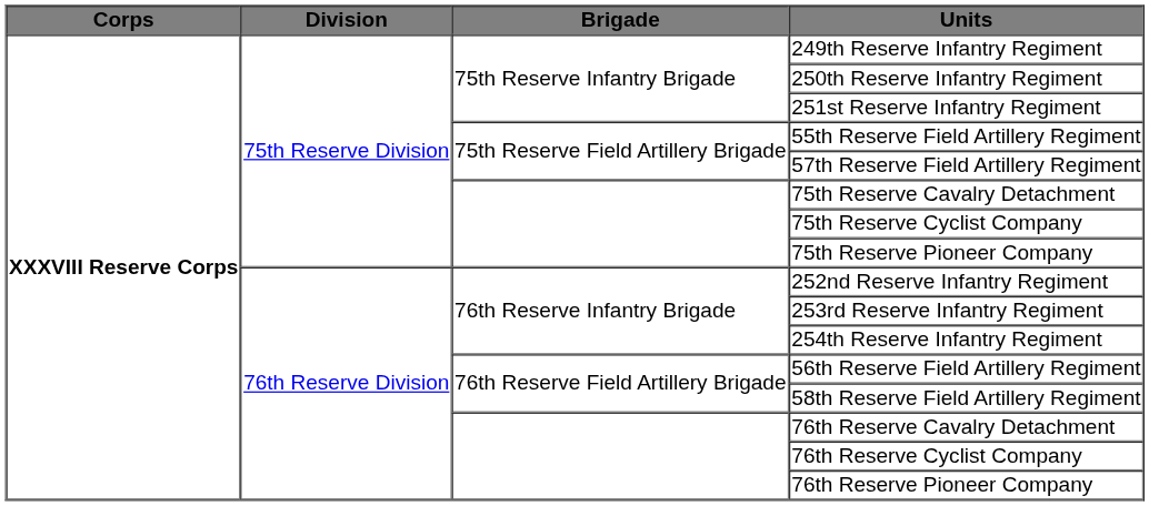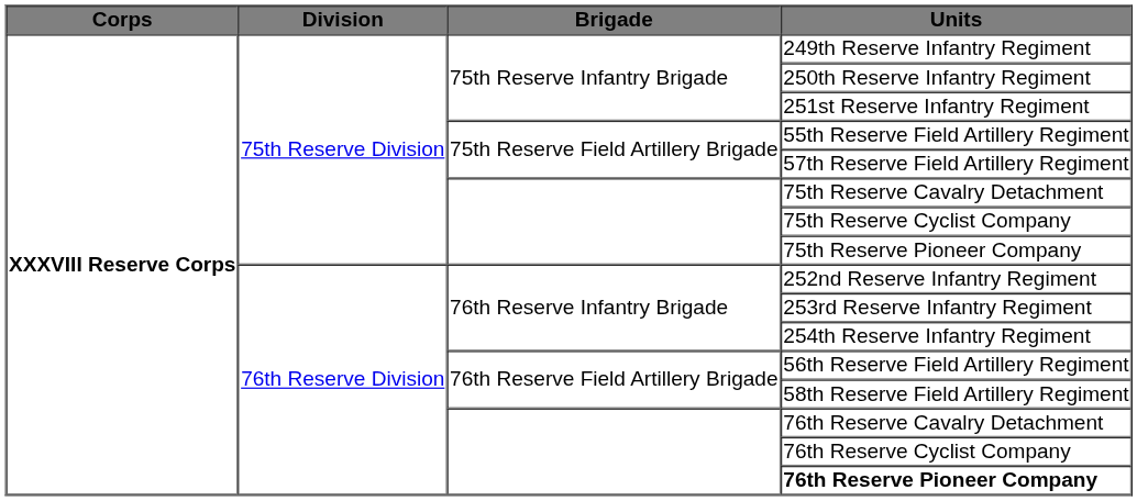 <table style="float: right;" border="1" cellpadding="1" cellspacing="0" style="font-size: 100%; border: gray solid 1px; border-collapse: collapse; text-align: center;">
 <tr style="background-color:grey; color:black;">
 <th>Corps</th>
 <th>Division</th>
 <th>Brigade</th>
 <th>Units</th>
 </tr>
 <tr>
 <td ROWSPAN=16><strong>XXXVIII Reserve Corps</strong></td>
 <td ROWSPAN=8><a href='#'>75th Reserve Division</a></td>
 <td ROWSPAN=3>75th Reserve Infantry Brigade</td>
 <td>249th Reserve Infantry Regiment</td>
 </tr>
 <tr>
 <td>250th Reserve Infantry Regiment</td>
 </tr>
 <tr>
 <td>251st Reserve Infantry Regiment</td>
 </tr>
 <tr>
 <td ROWSPAN=2>75th Reserve Field Artillery Brigade</td>
 <td>55th Reserve Field Artillery Regiment</td>
 </tr>
 <tr>
 <td>57th Reserve Field Artillery Regiment</td>
 </tr>
 <tr>
 <td ROWSPAN=3></td>
 <td>75th Reserve Cavalry Detachment</td>
 </tr>
 <tr>
 <td>75th Reserve Cyclist Company</td>
 </tr>
 <tr>
 <td>75th Reserve Pioneer Company</td>
 </tr>
 <tr>
 <td ROWSPAN=8><a href='#'>76th Reserve Division</a></td>
 <td ROWSPAN=3>76th Reserve Infantry Brigade</td>
 <td>252nd Reserve Infantry Regiment</td>
 </tr>
 <tr>
 <td>253rd Reserve Infantry Regiment</td>
 </tr>
 <tr>
 <td>254th Reserve Infantry Regiment</td>
 </tr>
 <tr>
 <td ROWSPAN=2>76th Reserve Field Artillery Brigade</td>
 <td>56th Reserve Field Artillery Regiment</td>
 </tr>
 <tr>
 <td>58th Reserve Field Artillery Regiment</td>
 </tr>
 <tr>
 <td ROWSPAN=3></td>
 <td>76th Reserve Cavalry Detachment</td>
 </tr>
 <tr>
 <td>76th Reserve Cyclist Company</td>
 </tr>
 <tr>
-<td>76th Reserve Pioneer Company</td>
+<td><strong>76th Reserve Pioneer Company</strong></td>
 </tr>
 <tr>
 </tr>
 </table>
